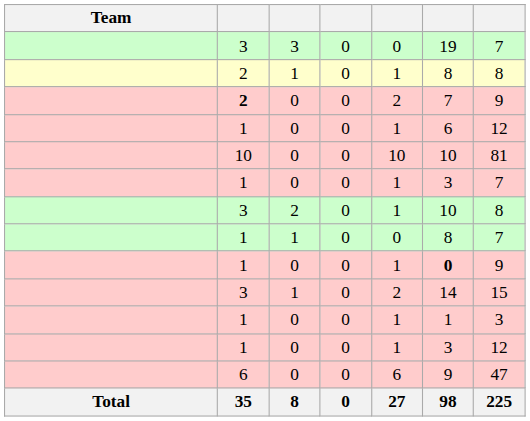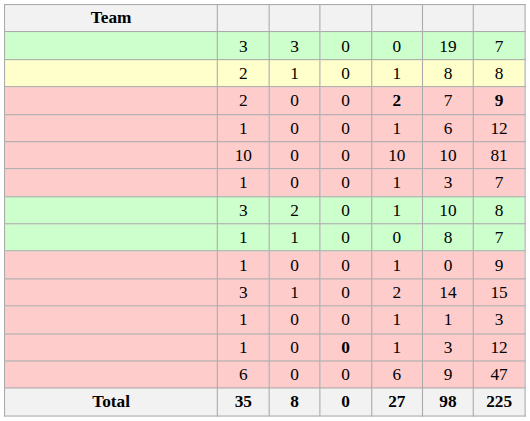 <table class="wikitable" style="text-align:center;">
 <tr>
 <th width=190>Team</th>
 <th width=40></th>
 <th width=40></th>
 <th width=40></th>
 <th width=40></th>
 <th width=40></th>
 <th width=40></th>
 </tr>
 <tr bgcolor=#CCFFCC>
 <td align=left></td>
 <td>3</td>
 <td>3</td>
 <td>0</td>
 <td>0</td>
 <td>19</td>
 <td>7</td>
 </tr>
 <tr bgcolor=#FFFFCC>
 <td align=left></td>
 <td>2</td>
 <td>1</td>
 <td>0</td>
 <td>1</td>
 <td>8</td>
 <td>8</td>
 </tr>
 <tr bgcolor=#FFCCCC>
 <td align=left></td>
-<td><strong>2</strong></td>
+<td>2</td>
 <td>0</td>
 <td>0</td>
-<td>2</td>
+<td><strong>2</strong></td>
 <td>7</td>
-<td>9</td>
+<td><strong>9</strong></td>
 </tr>
 <tr bgcolor=#FFCCCC>
 <td align=left></td>
 <td>1</td>
 <td>0</td>
 <td>0</td>
 <td>1</td>
 <td>6</td>
 <td>12</td>
 </tr>
 <tr bgcolor=#FFCCCC>
 <td align=left></td>
 <td>10</td>
 <td>0</td>
 <td>0</td>
 <td>10</td>
 <td>10</td>
 <td>81</td>
 </tr>
 <tr bgcolor=#FFCCCC>
 <td align=left></td>
 <td>1</td>
 <td>0</td>
 <td>0</td>
 <td>1</td>
 <td>3</td>
 <td>7</td>
 </tr>
 <tr bgcolor=#CCFFCC>
 <td align=left></td>
 <td>3</td>
 <td>2</td>
 <td>0</td>
 <td>1</td>
 <td>10</td>
 <td>8</td>
 </tr>
 <tr bgcolor=#CCFFCC>
 <td align=left></td>
 <td>1</td>
 <td>1</td>
 <td>0</td>
 <td>0</td>
 <td>8</td>
 <td>7</td>
 </tr>
 <tr bgcolor=#FFCCCC>
 <td align=left></td>
 <td>1</td>
 <td>0</td>
 <td>0</td>
 <td>1</td>
-<td><strong>0</strong></td>
+<td>0</td>
 <td>9</td>
 </tr>
 <tr bgcolor=#FFCCCC>
 <td align=left></td>
 <td>3</td>
 <td>1</td>
 <td>0</td>
 <td>2</td>
 <td>14</td>
 <td>15</td>
 </tr>
 <tr bgcolor=#FFCCCC>
 <td align=left></td>
 <td>1</td>
 <td>0</td>
 <td>0</td>
 <td>1</td>
 <td>1</td>
 <td>3</td>
 </tr>
 <tr bgcolor=#FFCCCC>
 <td align=left></td>
 <td>1</td>
 <td>0</td>
-<td>0</td>
+<td><strong>0</strong></td>
 <td>1</td>
 <td>3</td>
 <td>12</td>
 </tr>
 <tr bgcolor=#FFCCCC>
 <td align=left></td>
 <td>6</td>
 <td>0</td>
 <td>0</td>
 <td>6</td>
 <td>9</td>
 <td>47</td>
 </tr>
 <tr class="sortbottom">
 <th>Total</th>
 <th>35</th>
 <th>8</th>
 <th>0</th>
 <th>27</th>
 <th>98</th>
 <th>225</th>
 </tr>
 </table>
